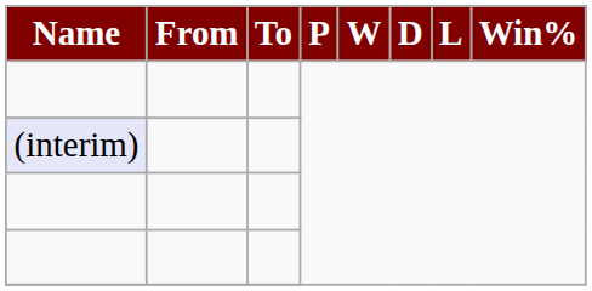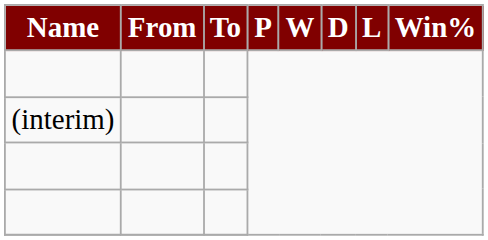 <table class="wikitable sortable" style="text-align: center;">
 <tr>
 <th style="background:maroon; color:white;" scope="col">Name</th>
 <th style="background:maroon; color:white;" scope="col">From</th>
 <th style="background:maroon; color:white;" scope="col">To</th>
 <th style="background:maroon; color:white;" scope="col">P</th>
 <th style="background:maroon; color:white;" scope="col">W</th>
 <th style="background:maroon; color:white;" scope="col">D</th>
 <th style="background:maroon; color:white;" scope="col">L</th>
 <th style="background:maroon; color:white;" scope="col">Win%</th>
 </tr>
 <tr>
 <td align=left></td>
 <td></td>
 <td><br></td>
 </tr>
 <tr>
-<td align=left style="background: lavender;"> (interim)</td>
+<td align=left> (interim)</td>
 <td></td>
 <td><br></td>
 </tr>
 <tr>
 <td align=left></td>
 <td></td>
 <td><br></td>
 </tr>
 <tr>
 <td align=left></td>
 <td></td>
 <td><br></td>
 </tr>
 <tr>
 </tr>
 </table>
